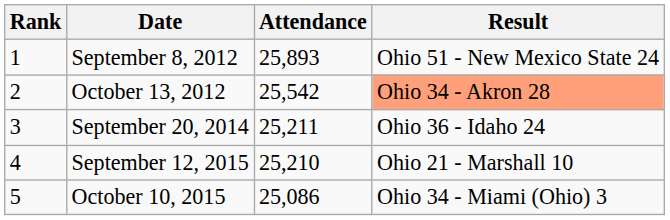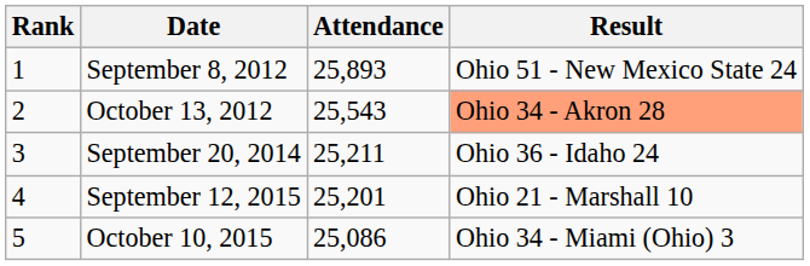 <table class=wikitable>
 <tr>
 <th>Rank</th>
 <th>Date</th>
 <th>Attendance</th>
 <th>Result</th>
 </tr>
 <tr>
 <td>1</td>
 <td>September 8, 2012</td>
 <td>25,893</td>
 <td>Ohio 51 - New Mexico State 24</td>
 </tr>
 <tr>
 <td>2</td>
 <td>October 13, 2012</td>
-<td>25,542</td>
+<td>25,543</td>
 <td style="background: lightsalmon;">Ohio 34 - Akron 28</td>
 </tr>
 <tr>
 <td>3</td>
 <td>September 20, 2014</td>
 <td>25,211</td>
 <td>Ohio 36 - Idaho 24</td>
 </tr>
 <tr>
 <td>4</td>
 <td>September 12, 2015</td>
-<td>25,210</td>
+<td>25,201</td>
 <td>Ohio 21 - Marshall 10</td>
 </tr>
 <tr>
 <td>5</td>
 <td>October 10, 2015</td>
 <td>25,086</td>
 <td>Ohio 34 - Miami (Ohio) 3</td>
 </tr>
 </table>
